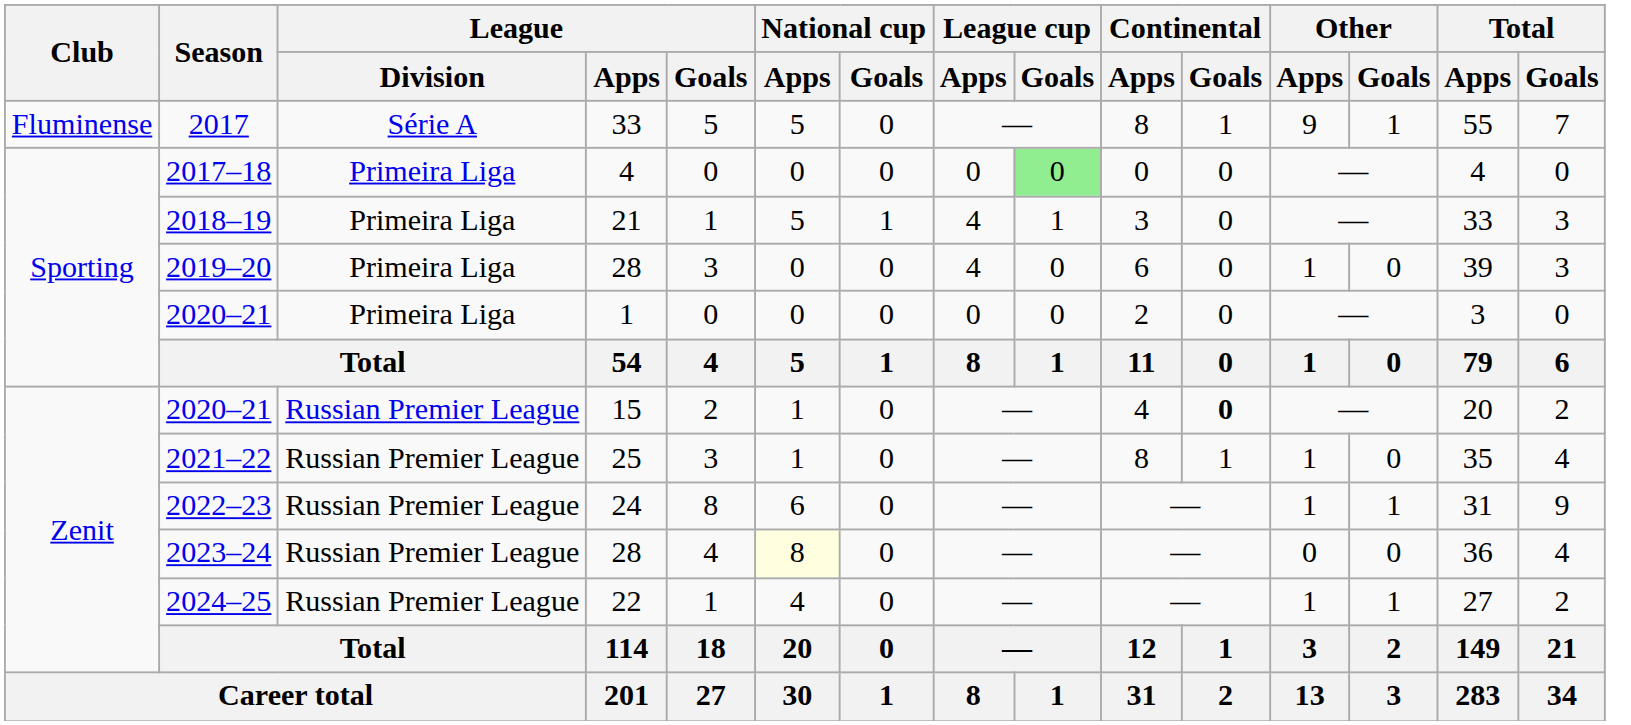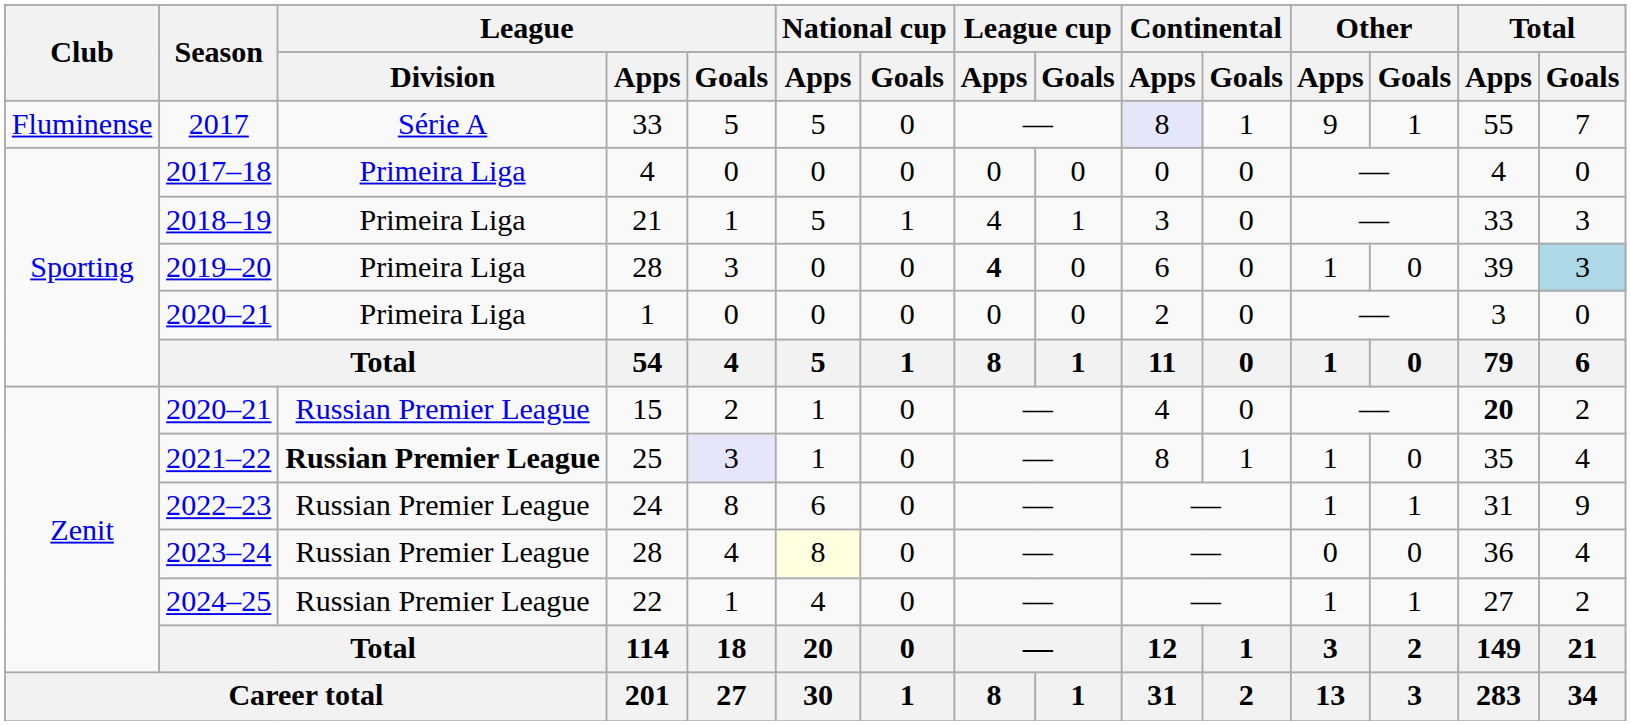 <table class="wikitable" style="text-align:center">
 <tr>
 <th rowspan="2">Club</th>
 <th rowspan="2">Season</th>
 <th colspan="3">League</th>
 <th colspan="2">National cup</th>
 <th colspan="2">League cup</th>
 <th colspan="2">Continental</th>
 <th colspan="2">Other</th>
 <th colspan="2">Total</th>
 </tr>
 <tr>
 <th>Division</th>
 <th>Apps</th>
 <th>Goals</th>
 <th>Apps</th>
 <th>Goals</th>
 <th>Apps</th>
 <th>Goals</th>
 <th>Apps</th>
 <th>Goals</th>
 <th>Apps</th>
 <th>Goals</th>
 <th>Apps</th>
 <th>Goals</th>
 </tr>
 <tr>
 <td><a href='#'>Fluminense</a></td>
 <td><a href='#'>2017</a></td>
 <td><a href='#'>Série A</a></td>
 <td>33</td>
 <td>5</td>
 <td>5</td>
 <td>0</td>
 <td colspan="2">—</td>
-<td>8</td>
+<td style="background: lavender;">8</td>
 <td>1</td>
 <td>9</td>
 <td>1</td>
 <td>55</td>
 <td>7</td>
 </tr>
 <tr>
 <td rowspan="5"><a href='#'>Sporting</a></td>
 <td><a href='#'>2017–18</a></td>
 <td><a href='#'>Primeira Liga</a></td>
 <td>4</td>
 <td>0</td>
 <td>0</td>
 <td>0</td>
 <td>0</td>
-<td style="background: lightgreen;">0</td>
+<td>0</td>
 <td>0</td>
 <td>0</td>
 <td colspan="2">—</td>
 <td>4</td>
 <td>0</td>
 </tr>
 <tr>
 <td><a href='#'>2018–19</a></td>
 <td>Primeira Liga</td>
 <td>21</td>
 <td>1</td>
 <td>5</td>
 <td>1</td>
 <td>4</td>
 <td>1</td>
 <td>3</td>
 <td>0</td>
 <td colspan="2">—</td>
 <td>33</td>
 <td>3</td>
 </tr>
 <tr>
 <td><a href='#'>2019–20</a></td>
 <td>Primeira Liga</td>
 <td>28</td>
 <td>3</td>
 <td>0</td>
 <td>0</td>
-<td>4</td>
+<td><strong>4</strong></td>
 <td>0</td>
 <td>6</td>
 <td>0</td>
 <td>1</td>
 <td>0</td>
 <td>39</td>
-<td>3</td>
+<td style="background: lightblue;">3</td>
 </tr>
 <tr>
 <td><a href='#'>2020–21</a></td>
 <td>Primeira Liga</td>
 <td>1</td>
 <td>0</td>
 <td>0</td>
 <td>0</td>
 <td>0</td>
 <td>0</td>
 <td>2</td>
 <td>0</td>
 <td colspan="2">—</td>
 <td>3</td>
 <td>0</td>
 </tr>
 <tr>
 <th colspan="2">Total</th>
 <th>54</th>
 <th>4</th>
 <th>5</th>
 <th>1</th>
 <th>8</th>
 <th>1</th>
 <th>11</th>
 <th>0</th>
 <th>1</th>
 <th>0</th>
 <th>79</th>
 <th>6</th>
 </tr>
 <tr>
 <td rowspan="6"><a href='#'>Zenit</a></td>
 <td><a href='#'>2020–21</a></td>
 <td><a href='#'>Russian Premier League</a></td>
 <td>15</td>
 <td>2</td>
 <td>1</td>
 <td>0</td>
 <td colspan="2">—</td>
 <td>4</td>
-<td><strong>0</strong></td>
+<td>0</td>
 <td colspan="2">—</td>
-<td>20</td>
+<td><strong>20</strong></td>
 <td>2</td>
 </tr>
 <tr>
 <td><a href='#'>2021–22</a></td>
-<td>Russian Premier League</td>
+<td><strong>Russian Premier League</strong></td>
 <td>25</td>
-<td>3</td>
+<td style="background: lavender;">3</td>
 <td>1</td>
 <td>0</td>
 <td colspan="2">—</td>
 <td>8</td>
 <td>1</td>
 <td>1</td>
 <td>0</td>
 <td>35</td>
 <td>4</td>
 </tr>
 <tr>
 <td><a href='#'>2022–23</a></td>
 <td>Russian Premier League</td>
 <td>24</td>
 <td>8</td>
 <td>6</td>
 <td>0</td>
 <td colspan="2">—</td>
 <td colspan="2">—</td>
 <td>1</td>
 <td>1</td>
 <td>31</td>
 <td>9</td>
 </tr>
 <tr>
 <td><a href='#'>2023–24</a></td>
 <td>Russian Premier League</td>
 <td>28</td>
 <td>4</td>
 <td style="background: lightyellow;">8</td>
 <td>0</td>
 <td colspan="2">—</td>
 <td colspan="2">—</td>
 <td>0</td>
 <td>0</td>
 <td>36</td>
 <td>4</td>
 </tr>
 <tr>
 <td><a href='#'>2024–25</a></td>
 <td>Russian Premier League</td>
 <td>22</td>
 <td>1</td>
 <td>4</td>
 <td>0</td>
 <td colspan=2>—</td>
 <td colspan="2">—</td>
 <td>1</td>
 <td>1</td>
 <td>27</td>
 <td>2</td>
 </tr>
 <tr>
 <th colspan="2">Total</th>
 <th>114</th>
 <th>18</th>
 <th>20</th>
 <th>0</th>
 <th colspan="2">—</th>
 <th>12</th>
 <th>1</th>
 <th>3</th>
 <th>2</th>
 <th>149</th>
 <th>21</th>
 </tr>
 <tr>
 <th colspan="3">Career total</th>
 <th>201</th>
 <th>27</th>
 <th>30</th>
 <th>1</th>
 <th>8</th>
 <th>1</th>
 <th>31</th>
 <th>2</th>
 <th>13</th>
 <th>3</th>
 <th>283</th>
 <th>34</th>
 </tr>
 </table>
